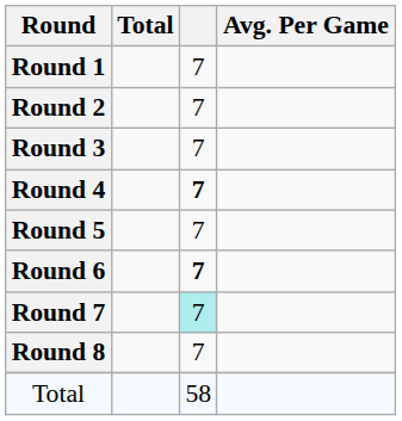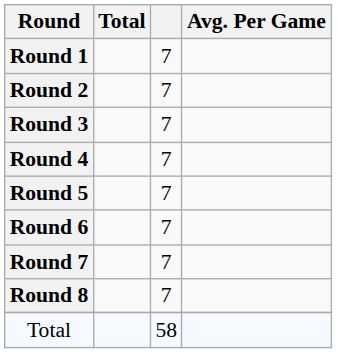 <table class="wikitable plainrowheaders sortable" style="text-align:center;">
 <tr>
 <th>Round</th>
 <th>Total</th>
 <th></th>
 <th>Avg. Per Game</th>
 </tr>
 <tr>
 <th scope='row'>Round 1</th>
 <td></td>
 <td>7</td>
 <td></td>
 </tr>
 <tr>
 <th scope='row'>Round 2</th>
 <td></td>
 <td>7</td>
 <td></td>
 </tr>
 <tr>
 <th scope='row'>Round 3</th>
 <td></td>
 <td>7</td>
 <td></td>
 </tr>
 <tr>
 <th scope='row'>Round 4</th>
 <td></td>
-<td><strong>7</strong></td>
+<td>7</td>
 <td></td>
 </tr>
 <tr>
 <th scope='row'>Round 5</th>
 <td></td>
 <td>7</td>
 <td></td>
 </tr>
 <tr>
 <th scope='row'>Round 6</th>
 <td></td>
-<td><strong>7</strong></td>
+<td>7</td>
 <td></td>
 </tr>
 <tr>
 <th scope='row'>Round 7</th>
 <td></td>
-<td style="background: paleturquoise;">7</td>
+<td>7</td>
 <td></td>
 </tr>
 <tr>
 <th scope='row'>Round 8</th>
 <td></td>
 <td>7</td>
 <td><br></td>
 </tr>
 <tr>
 </tr>
 <tr style="background:#f4faff;">
 <td>Total</td>
 <td></td>
 <td>58</td>
 <td></td>
 </tr>
 </table>
